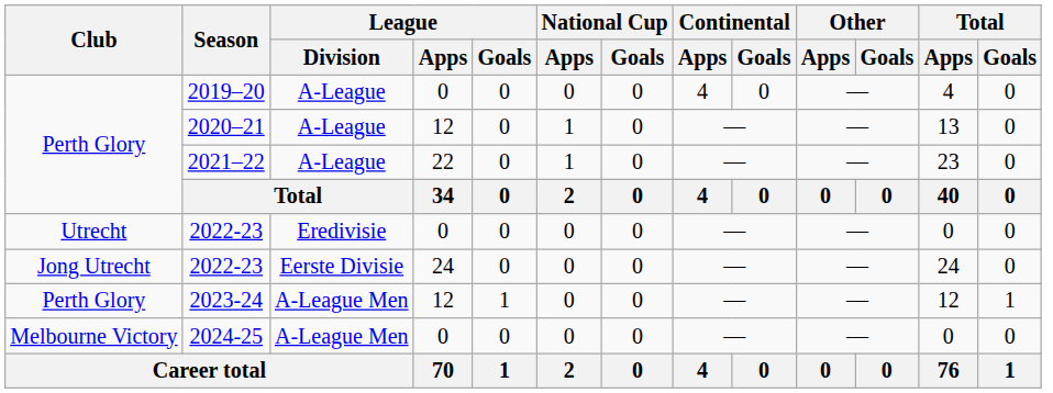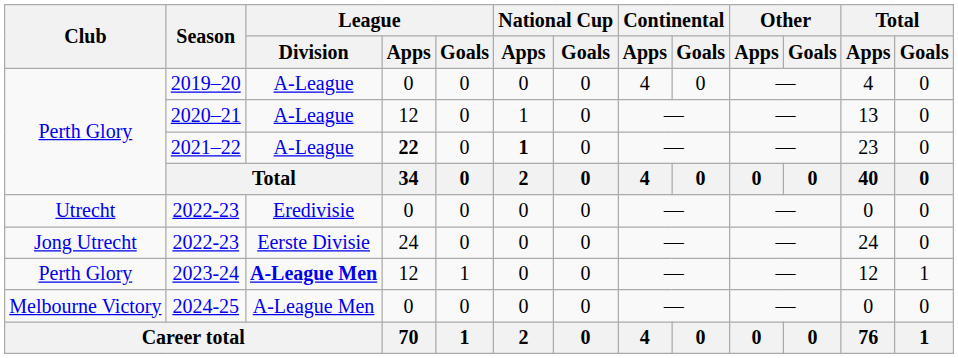 <table class="wikitable" style="text-align:center">
 <tr>
 <th rowspan="2">Club</th>
 <th rowspan="2">Season</th>
 <th colspan="3">League</th>
 <th colspan="2">National Cup</th>
 <th colspan="2">Continental</th>
 <th colspan="2">Other</th>
 <th colspan="2">Total</th>
 </tr>
 <tr>
 <th>Division</th>
 <th>Apps</th>
 <th>Goals</th>
 <th>Apps</th>
 <th>Goals</th>
 <th>Apps</th>
 <th>Goals</th>
 <th>Apps</th>
 <th>Goals</th>
 <th>Apps</th>
 <th>Goals</th>
 </tr>
 <tr>
 <td rowspan="4"><a href='#'>Perth Glory</a></td>
 <td><a href='#'>2019–20</a></td>
 <td><a href='#'>A-League</a></td>
 <td>0</td>
 <td>0</td>
 <td>0</td>
 <td>0</td>
 <td>4</td>
 <td>0</td>
 <td colspan="2">—</td>
 <td>4</td>
 <td>0</td>
 </tr>
 <tr>
 <td><a href='#'>2020–21</a></td>
 <td><a href='#'>A-League</a></td>
 <td>12</td>
 <td>0</td>
 <td>1</td>
 <td>0</td>
 <td colspan="2">—</td>
 <td colspan="2">—</td>
 <td>13</td>
 <td>0</td>
 </tr>
 <tr>
 <td><a href='#'>2021–22</a></td>
 <td><a href='#'>A-League</a></td>
-<td>22</td>
+<td><strong>22</strong></td>
 <td>0</td>
-<td>1</td>
+<td><strong>1</strong></td>
 <td>0</td>
 <td colspan="2">—</td>
 <td colspan="2">—</td>
 <td>23</td>
 <td>0</td>
 </tr>
 <tr>
 <th colspan="2">Total</th>
 <th>34</th>
 <th>0</th>
 <th>2</th>
 <th>0</th>
 <th>4</th>
 <th>0</th>
 <th>0</th>
 <th>0</th>
 <th>40</th>
 <th>0</th>
 </tr>
 <tr>
 <td><a href='#'>Utrecht</a></td>
 <td><a href='#'>2022-23</a></td>
 <td><a href='#'>Eredivisie</a></td>
 <td>0</td>
 <td>0</td>
 <td>0</td>
 <td>0</td>
 <td colspan="2">—</td>
 <td colspan="2">—</td>
 <td>0</td>
 <td>0</td>
 </tr>
 <tr>
 <td><a href='#'>Jong Utrecht</a></td>
 <td><a href='#'>2022-23</a></td>
 <td><a href='#'>Eerste Divisie</a></td>
 <td>24</td>
 <td>0</td>
 <td>0</td>
 <td>0</td>
 <td colspan="2">—</td>
 <td colspan="2">—</td>
 <td>24</td>
 <td>0</td>
 </tr>
 <tr>
 <td><a href='#'>Perth Glory</a></td>
 <td><a href='#'>2023-24</a></td>
-<td><a href='#'>A-League Men</a></td>
+<td><strong><a href='#'>A-League Men</a></strong></td>
 <td>12</td>
 <td>1</td>
 <td>0</td>
 <td>0</td>
 <td colspan="2">—</td>
 <td colspan="2">—</td>
 <td>12</td>
 <td>1</td>
 </tr>
 <tr>
 <td><a href='#'>Melbourne Victory</a></td>
 <td><a href='#'>2024-25</a></td>
 <td><a href='#'>A-League Men</a></td>
 <td>0</td>
 <td>0</td>
 <td>0</td>
 <td>0</td>
 <td colspan="2">—</td>
 <td colspan="2">—</td>
 <td>0</td>
 <td>0</td>
 </tr>
 <tr>
 <th colspan="3">Career total</th>
 <th>70</th>
 <th>1</th>
 <th>2</th>
 <th>0</th>
 <th>4</th>
 <th>0</th>
 <th>0</th>
 <th>0</th>
 <th>76</th>
 <th>1</th>
 </tr>
 </table>
